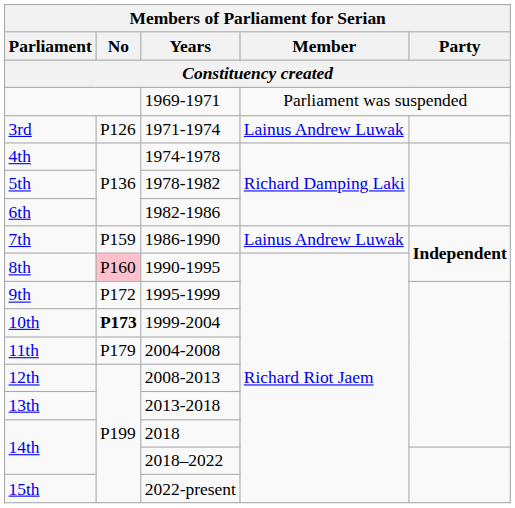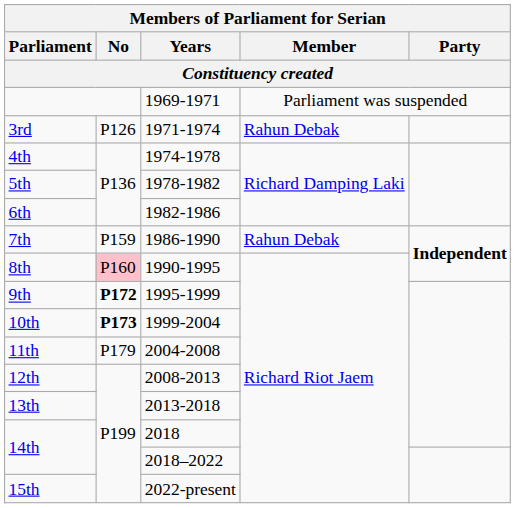 <table class=wikitable>
 <tr>
 <th colspan="5">Members of Parliament for Serian</th>
 </tr>
 <tr>
 <th>Parliament</th>
 <th>No</th>
 <th>Years</th>
 <th>Member</th>
 <th>Party</th>
 </tr>
 <tr>
 <th colspan="5" align="center"><em>Constituency created</em></th>
 </tr>
 <tr>
 <td colspan="2"></td>
 <td>1969-1971</td>
 <td colspan=2 align=center>Parliament was suspended</td>
 </tr>
 <tr>
 <td><a href='#'>3rd</a></td>
 <td>P126</td>
 <td>1971-1974</td>
-<td><a href='#'>Lainus Andrew Luwak</a></td>
+<td><a href='#'>Rahun Debak</a></td>
 <td></td>
 </tr>
 <tr>
 <td><a href='#'>4th</a></td>
 <td rowspan="3">P136</td>
 <td>1974-1978</td>
 <td rowspan=3><a href='#'>Richard Damping Laki</a></td>
 <td rowspan=3></td>
 </tr>
 <tr>
 <td><a href='#'>5th</a></td>
 <td>1978-1982</td>
 </tr>
 <tr>
 <td><a href='#'>6th</a></td>
 <td>1982-1986</td>
 </tr>
 <tr>
 <td><a href='#'>7th</a></td>
 <td>P159</td>
 <td>1986-1990</td>
-<td><a href='#'>Lainus Andrew Luwak</a></td>
+<td><a href='#'>Rahun Debak</a></td>
 <td rowspan=2><strong>Independent</strong></td>
 </tr>
 <tr>
 <td><a href='#'>8th</a></td>
 <td style="background: pink;">P160</td>
 <td>1990-1995</td>
 <td rowspan="9"><a href='#'>Richard Riot Jaem</a></td>
 </tr>
 <tr>
 <td><a href='#'>9th</a></td>
-<td>P172</td>
+<td><strong>P172</strong></td>
 <td>1995-1999</td>
 <td rowspan=6></td>
 </tr>
 <tr>
 <td><a href='#'>10th</a></td>
 <td><strong>P173</strong></td>
 <td>1999-2004</td>
 </tr>
 <tr>
 <td><a href='#'>11th</a></td>
 <td>P179</td>
 <td>2004-2008</td>
 </tr>
 <tr>
 <td><a href='#'>12th</a></td>
 <td rowspan="5">P199</td>
 <td>2008-2013</td>
 </tr>
 <tr>
 <td><a href='#'>13th</a></td>
 <td>2013-2018</td>
 </tr>
 <tr>
 <td rowspan=2><a href='#'>14th</a></td>
 <td>2018</td>
 </tr>
 <tr>
 <td>2018–2022</td>
 <td rowspan="2"></td>
 </tr>
 <tr>
 <td><a href='#'>15th</a></td>
 <td>2022-present</td>
 </tr>
 </table>
